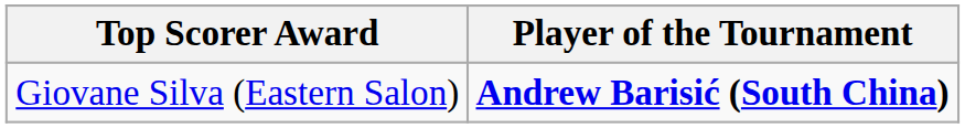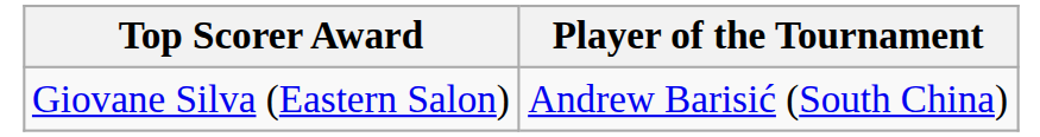 <table class="wikitable" style="margin: 0 auto;">
 <tr>
 <th>Top Scorer Award</th>
 <th>Player of the Tournament</th>
 </tr>
 <tr>
 <td> <a href='#'>Giovane Silva</a> (<a href='#'>Eastern Salon</a>)</td>
-<td><strong> <a href='#'>Andrew Barisić</a> (<a href='#'>South China</a>)</strong></td>
+<td> <a href='#'>Andrew Barisić</a> (<a href='#'>South China</a>)</td>
 </tr>
 </table>
